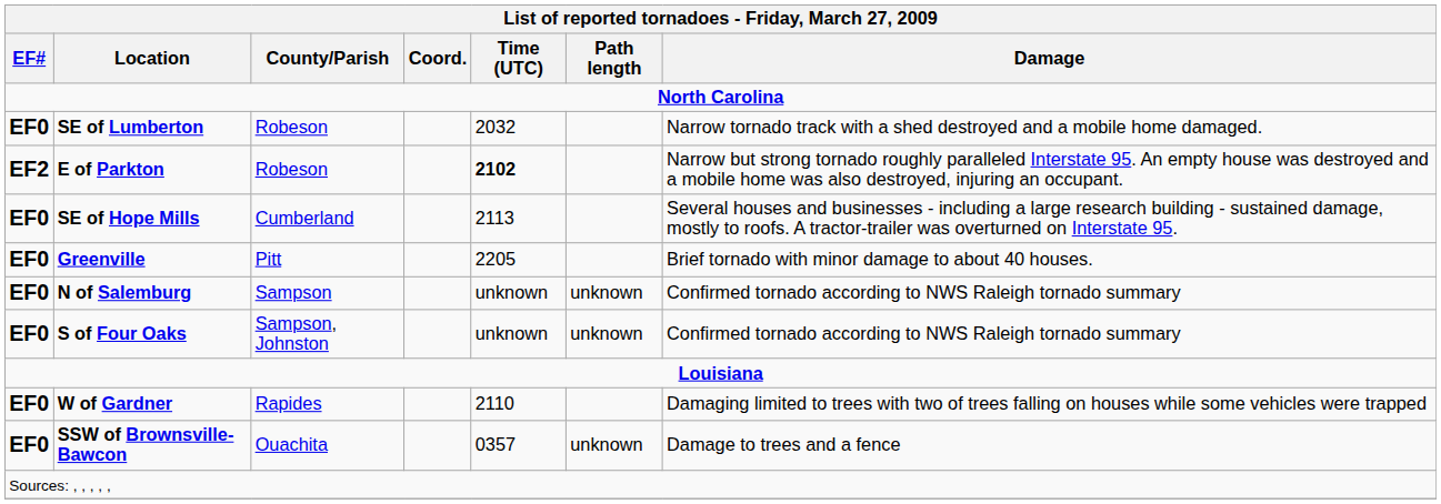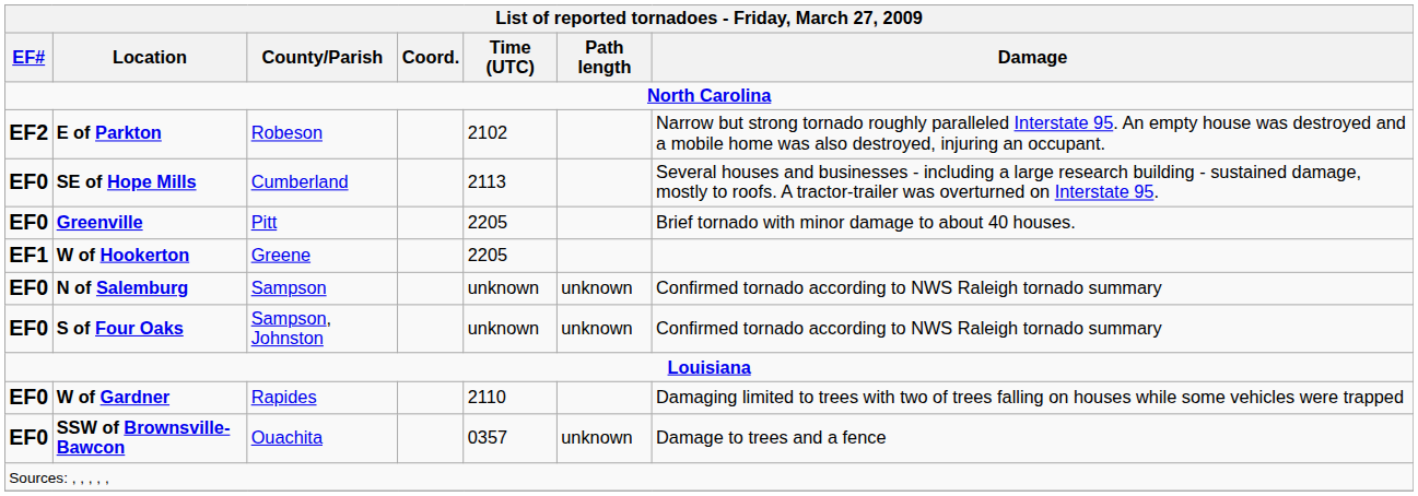 <table class="wikitable collapsible" width="100%">
 <tr>
 <th colspan="7">List of reported tornadoes - Friday, March 27, 2009</th>
 </tr>
 <tr>
 <th><a href='#'>EF#</a></th>
 <th>Location</th>
 <th>County/Parish</th>
 <th>Coord.</th>
 <th>Time (UTC)</th>
 <th>Path length</th>
 <th>Damage</th>
 </tr>
 <tr>
 <td colspan="7" align=center><strong><a href='#'>North Carolina</a></strong></td>
 </tr>
 <tr>
-<td><big><strong>EF0</strong></big></td>
-<td><strong>SE of <a href='#'>Lumberton</a></strong></td>
-<td><a href='#'>Robeson</a></td>
-<td></td>
-<td>2032</td>
-<td></td>
-<td>Narrow tornado track with a shed destroyed and a mobile home damaged.</td>
-</tr>
-<tr>
 <td><big><strong>EF2</strong></big></td>
 <td><strong>E of <a href='#'>Parkton</a></strong></td>
 <td><a href='#'>Robeson</a></td>
 <td></td>
-<td><strong>2102</strong></td>
+<td>2102</td>
 <td></td>
 <td>Narrow but strong tornado roughly paralleled <a href='#'>Interstate 95</a>. An empty house was destroyed and a mobile home was also destroyed, injuring an occupant.</td>
 </tr>
 <tr>
 <td><big><strong>EF0</strong></big></td>
 <td><strong>SE of <a href='#'>Hope Mills</a></strong></td>
 <td><a href='#'>Cumberland</a></td>
 <td></td>
 <td>2113</td>
 <td></td>
 <td>Several houses and businesses - including a large research building - sustained damage, mostly to roofs. A tractor-trailer was overturned on <a href='#'>Interstate 95</a>.</td>
 </tr>
 <tr>
 <td><big><strong>EF0</strong></big></td>
 <td><strong><a href='#'>Greenville</a></strong></td>
 <td><a href='#'>Pitt</a></td>
 <td></td>
 <td>2205</td>
 <td></td>
 <td>Brief tornado with minor damage to about 40 houses.</td>
+</tr>
+<tr>
+<td><big><strong>EF1</strong></big></td>
+<td><strong>W of <a href='#'>Hookerton</a></strong></td>
+<td><a href='#'>Greene</a></td>
+<td></td>
+<td>2205</td>
+<td></td>
+<td></td>
 </tr>
 <tr>
 <td><big><strong>EF0</strong></big></td>
 <td><strong>N of <a href='#'>Salemburg</a></strong></td>
 <td><a href='#'>Sampson</a></td>
 <td></td>
 <td>unknown</td>
 <td>unknown</td>
 <td>Confirmed tornado according to NWS Raleigh tornado summary </td>
 </tr>
 <tr>
 <td><big><strong>EF0</strong></big></td>
 <td><strong>S of <a href='#'>Four Oaks</a></strong></td>
 <td><a href='#'>Sampson</a>, <a href='#'>Johnston</a></td>
 <td></td>
 <td>unknown</td>
 <td>unknown</td>
 <td>Confirmed tornado according to NWS Raleigh tornado summary </td>
 </tr>
 <tr>
 <td colspan="7" align=center><strong><a href='#'>Louisiana</a></strong></td>
 </tr>
 <tr>
 <td><big><strong>EF0</strong></big></td>
 <td><strong>W of <a href='#'>Gardner</a></strong></td>
 <td><a href='#'>Rapides</a></td>
 <td></td>
 <td>2110</td>
 <td></td>
 <td>Damaging limited to trees with two of trees falling on houses while some vehicles were trapped</td>
 </tr>
 <tr>
 <td><big><strong>EF0</strong></big></td>
 <td><strong>SSW of <a href='#'>Brownsville-Bawcon</a></strong></td>
 <td><a href='#'>Ouachita</a></td>
 <td></td>
 <td>0357</td>
 <td>unknown</td>
 <td>Damage to trees and a fence</td>
 </tr>
 <tr>
 <td colspan="7"><small>Sources: , , , , , </small></td>
 </tr>
 <tr>
 </tr>
 </table>
